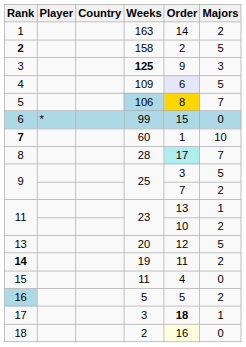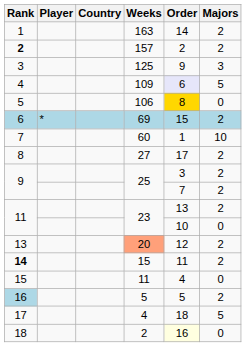 <table class="sortable wikitable" style="text-align:center;">
 <tr>
 <th data-sort-type=number>Rank</th>
 <th>Player</th>
 <th>Country</th>
 <th data-sort-type=number>Weeks</th>
 <th data-sort-type=number>Order</th>
 <th data-sort-type=number>Majors</th>
 </tr>
 <tr>
 <td>1</td>
 <td align=left></td>
 <td align=left></td>
 <td>163</td>
 <td>14</td>
 <td>2</td>
 </tr>
 <tr>
 <td><strong>2</strong></td>
 <td align=left></td>
 <td align=left></td>
-<td>158</td>
+<td>157</td>
 <td>2</td>
-<td>5</td>
+<td>2</td>
 </tr>
 <tr>
 <td>3</td>
 <td align=left></td>
 <td align=left></td>
-<td><strong>125</strong></td>
+<td>125</td>
 <td>9</td>
 <td>3</td>
 </tr>
 <tr>
 <td>4</td>
 <td align=left></td>
 <td align=left></td>
 <td>109</td>
 <td style="background: lavender;">6</td>
 <td>5</td>
 </tr>
 <tr>
 <td>5</td>
 <td align=left></td>
 <td align=left></td>
-<td style="background: lightblue;">106</td>
+<td>106</td>
 <td style="background: gold;">8</td>
-<td>7</td>
+<td>0</td>
 </tr>
 <tr style="background:lightblue;">
 <td>6</td>
 <td align=left>*</td>
 <td align=left></td>
-<td>99</td>
+<td>69</td>
 <td>15</td>
-<td>0</td>
+<td>2</td>
 </tr>
 <tr>
-<td><strong>7</strong></td>
+<td>7</td>
 <td align=left></td>
 <td align=left></td>
 <td>60</td>
 <td>1</td>
 <td>10</td>
 </tr>
 <tr>
 <td>8</td>
 <td align=left></td>
 <td align=left></td>
-<td>28</td>
-<td style="background: paleturquoise;">17</td>
-<td>7</td>
+<td>27</td>
+<td>17</td>
+<td>2</td>
 </tr>
 <tr>
 <td rowspan=2>9</td>
 <td align=left></td>
 <td align=left></td>
 <td rowspan=2>25</td>
 <td>3</td>
-<td>5</td>
+<td>2</td>
 </tr>
 <tr>
 <td align=left></td>
 <td align=left></td>
 <td>7</td>
 <td>2</td>
 </tr>
 <tr>
 <td rowspan=2>11</td>
 <td align=left></td>
 <td align=left></td>
 <td rowspan=2>23</td>
 <td>13</td>
-<td>1</td>
+<td>2</td>
 </tr>
 <tr>
 <td align=left></td>
 <td align=left></td>
 <td>10</td>
-<td>2</td>
+<td>0</td>
 </tr>
 <tr>
 <td>13</td>
 <td align=left></td>
 <td align=left></td>
-<td>20</td>
+<td style="background: lightsalmon;">20</td>
 <td>12</td>
-<td>5</td>
+<td>2</td>
 </tr>
 <tr>
 <td><strong>14</strong></td>
 <td align=left></td>
 <td align=left></td>
-<td>19</td>
+<td>15</td>
 <td>11</td>
 <td>2</td>
 </tr>
 <tr>
 <td>15</td>
 <td align=left></td>
 <td align=left></td>
 <td>11</td>
 <td>4</td>
 <td>0</td>
 </tr>
 <tr>
 <td style="background: lightblue;">16</td>
 <td align=left></td>
 <td align=left></td>
 <td>5</td>
 <td>5</td>
 <td>2</td>
 </tr>
 <tr>
 <td>17</td>
 <td align=left></td>
 <td align=left></td>
-<td>3</td>
-<td><strong>18</strong></td>
-<td>1</td>
+<td>4</td>
+<td>18</td>
+<td>5</td>
 </tr>
 <tr>
 <td>18</td>
 <td align=left></td>
 <td align=left></td>
 <td>2</td>
 <td style="background: lightyellow;">16</td>
 <td>0</td>
 </tr>
 </table>
